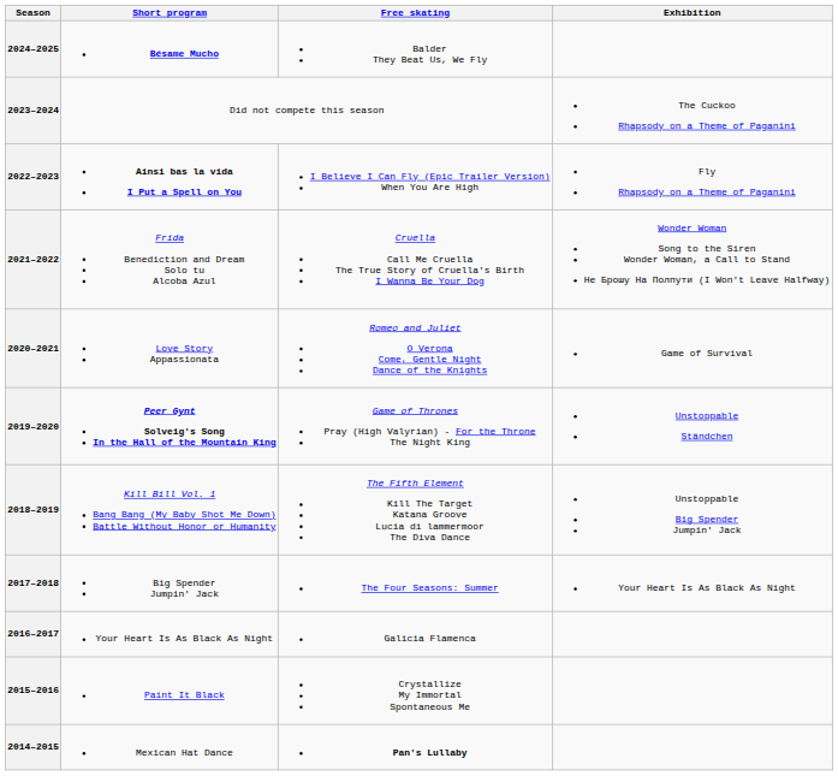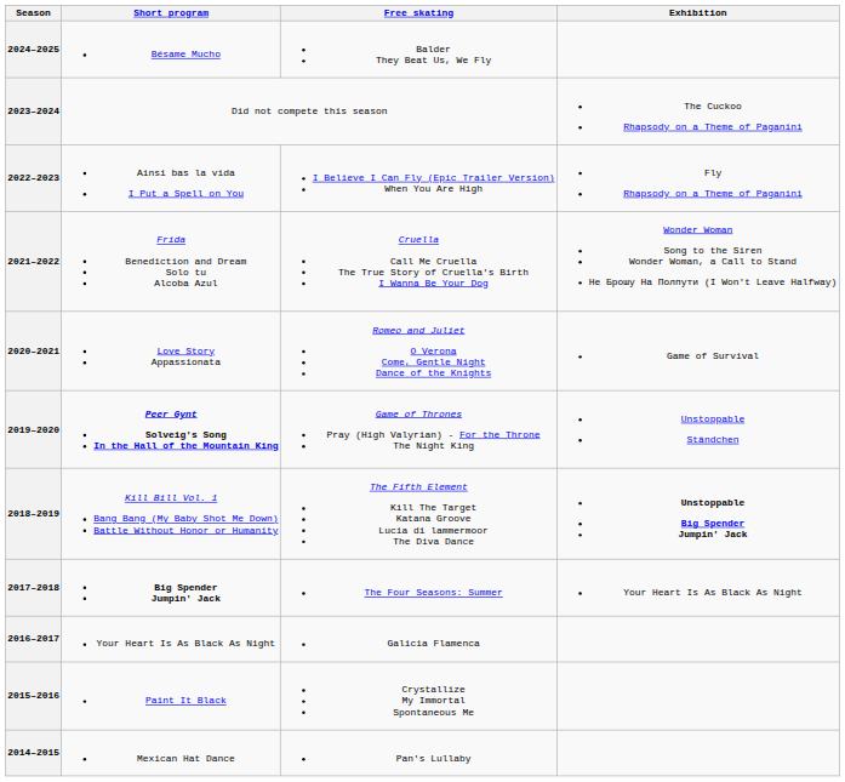 <table class=wikitable style=text-align:center>
 <tr>
 <th>Season</th>
 <th><a href='#'>Short program</a></th>
 <th><a href='#'>Free skating</a></th>
 <th>Exhibition</th>
 </tr>
 <tr>
 <th>2024–2025</th>
-<td><strong><br><ul><li><a href='#'>Bésame Mucho</a> <br></li></ul></strong></td>
+<td><br><ul><li><a href='#'>Bésame Mucho</a> <br></li></ul></td>
 <td><br><ul><li>Balder <br></li><li>They Beat Us, We Fly <br></li></ul></td>
 <td></td>
 </tr>
 <tr>
 <th>2023–2024</th>
 <td colspan="2">Did not compete this season</td>
 <td><br><ul><li>The Cuckoo <br></li></ul><ul><li><a href='#'>Rhapsody on a Theme of Paganini</a> <br> </li></ul></td>
 </tr>
 <tr>
 <th>2022–2023<br></th>
-<td><strong><br><ul><li>Ainsi bas la vida <br></li></ul><ul><li><a href='#'>I Put a Spell on You</a> <br></li></ul></strong></td>
+<td><br><ul><li>Ainsi bas la vida <br></li></ul><ul><li><a href='#'>I Put a Spell on You</a> <br></li></ul></td>
 <td><br><ul><li><a href='#'>I Believe I Can Fly (Epic Trailer Version)</a> <br></li><li>When You Are High <br></li></ul></td>
 <td><br><ul><li>Fly <br></li></ul><ul><li><a href='#'>Rhapsody on a Theme of Paganini</a> <br> </li></ul></td>
 </tr>
 <tr>
 <th>2021–2022 <br> </th>
 <td><br><em><a href='#'>Frida</a></em><ul><li>Benediction and Dream</li><li>Solo tu</li><li>Alcoba Azul <br></li></ul></td>
 <td><br><em><a href='#'>Cruella</a></em><ul><li>Call Me Cruella <br> </li><li>The True Story of Cruella's Birth <br> </li><li><a href='#'>I Wanna Be Your Dog</a> <br> </li></ul></td>
 <td><br><a href='#'>Wonder Woman</a><ul><li>Song to the Siren <br></li><li>Wonder Woman, a Call to Stand <br> </li></ul><ul><li>Не Брошу На Полпути (I Won't Leave Halfway) <br>  <br> </li></ul></td>
 </tr>
 <tr>
 <th>2020–2021 <br> </th>
 <td><br><ul><li><a href='#'>Love Story</a> <br></li><li>Appassionata <br></li></ul></td>
 <td><br><em><a href='#'>Romeo and Juliet</a></em><ul><li><a href='#'>O Verona</a> <br></li><li><a href='#'>Come, Gentle Night</a> <br></li><li><a href='#'>Dance of the Knights</a> <br></li></ul></td>
 <td><br><ul><li>Game of Survival <br> </li></ul></td>
 </tr>
 <tr>
 <th>2019–2020 <br> </th>
 <td><strong><br><a href='#'><em>Peer Gynt</em></a><ul><li>Solveig's Song</li><li><a href='#'>In the Hall of the Mountain King</a> <br> </li></ul></strong></td>
 <td><br><em><a href='#'>Game of Thrones</a></em><ul><li>Pray (High Valyrian) - <a href='#'>For the Throne</a> <br></li><li>The Night King <br></li></ul></td>
 <td><br><ul><li><a href='#'>Unstoppable</a> <br></li></ul><ul><li><a href='#'>Ständchen</a> <br><br></li></ul></td>
 </tr>
 <tr>
 <th>2018–2019 <br> </th>
 <td><br><a href='#'><em>Kill Bill Vol. 1</em></a><ul><li><a href='#'>Bang Bang (My Baby Shot Me Down)</a> <br></li><li><a href='#'>Battle Without Honor or Humanity</a> <br></li></ul></td>
 <td><br><em><a href='#'>The Fifth Element</a></em><ul><li>Kill The Target <br></li><li>Katana Groove <br></li><li>Lucia di lammermoor <br></li><li>The Diva Dance <br></li></ul></td>
-<td><br><ul><li>Unstoppable <br></li></ul><ul><li><a href='#'>Big Spender</a> <br></li><li>Jumpin' Jack <br></li></ul></td>
+<td><strong><br><ul><li>Unstoppable <br></li></ul><ul><li><a href='#'>Big Spender</a> <br></li><li>Jumpin' Jack <br></li></ul></strong></td>
 </tr>
 <tr>
 <th>2017–2018 <br> </th>
-<td><br><ul><li>Big Spender <br></li><li>Jumpin' Jack <br></li></ul></td>
+<td><strong><br><ul><li>Big Spender <br></li><li>Jumpin' Jack <br></li></ul></strong></td>
 <td><br><ul><li><a href='#'>The Four Seasons: Summer</a> <br></li></ul></td>
 <td><br><ul><li>Your Heart Is As Black As Night <br></li></ul></td>
 </tr>
 <tr>
 <th>2016–2017</th>
 <td><br><ul><li>Your Heart Is As Black As Night <br></li></ul></td>
 <td><br><ul><li>Galicia Flamenca <br></li></ul></td>
 <td></td>
 </tr>
 <tr>
 <th>2015–2016</th>
 <td><br><ul><li><a href='#'>Paint It Black</a> <br></li></ul></td>
 <td><br><ul><li>Crystallize <br></li><li>My Immortal <br></li><li>Spontaneous Me <br></li></ul></td>
 <td></td>
 </tr>
 <tr>
 <th>2014–2015</th>
 <td><br><ul><li>Mexican Hat Dance <br></li></ul></td>
-<td><strong><br><ul><li>Pan's Lullaby <br></li></ul></strong></td>
+<td><br><ul><li>Pan's Lullaby <br></li></ul></td>
 <td></td>
 </tr>
 </table>
